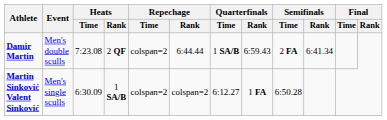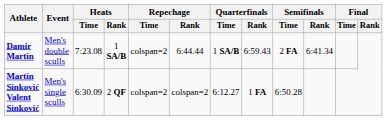 <table class="wikitable" style="font-size:90%">
 <tr>
 <th rowspan="2">Athlete</th>
 <th rowspan="2">Event</th>
 <th colspan="2">Heats</th>
 <th colspan="2">Repechage</th>
 <th colspan="2">Quarterfinals</th>
 <th colspan="2">Semifinals</th>
 <th colspan="2">Final</th>
 </tr>
 <tr style="font-size:95%">
 <th>Time</th>
 <th>Rank</th>
 <th>Time</th>
 <th>Rank</th>
 <th>Time</th>
 <th>Rank</th>
 <th>Time</th>
 <th>Rank</th>
 <th>Time</th>
 <th>Rank</th>
 </tr>
 <tr align=center>
 <td align=left><strong><a href='#'>Damir Martin</a></strong></td>
 <td align=left><a href='#'>Men's double sculls</a></td>
 <td>7:23.08</td>
-<td>2 <strong>QF</strong></td>
+<td>1 <strong>SA/B</strong></td>
 <td>colspan=2 </td>
 <td>6:44.44</td>
 <td>1 <strong>SA/B</strong></td>
 <td>6:59.43</td>
 <td>2 <strong>FA</strong></td>
 <td>6:41.34</td>
 <td></td>
 </tr>
 <tr align=center>
 <td align=left><strong><a href='#'>Martin Sinković</a><br><a href='#'>Valent Sinković</a></strong></td>
 <td align=left><a href='#'>Men's single sculls</a></td>
 <td>6:30.09</td>
-<td>1 <strong>SA/B</strong></td>
+<td>2 <strong>QF</strong></td>
 <td>colspan=2 </td>
 <td>colspan=2 </td>
 <td>6:12.27</td>
 <td>1 <strong>FA</strong></td>
 <td>6:50.28</td>
 <td></td>
 </tr>
 </table>
